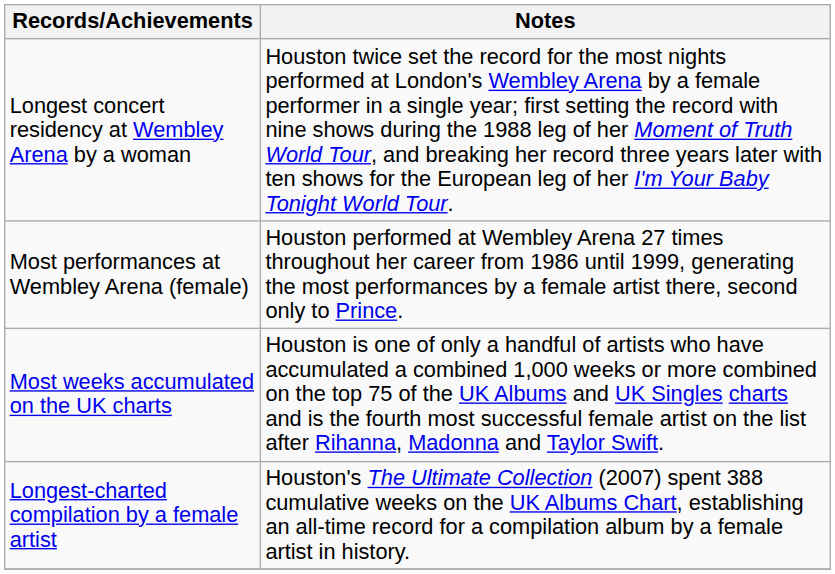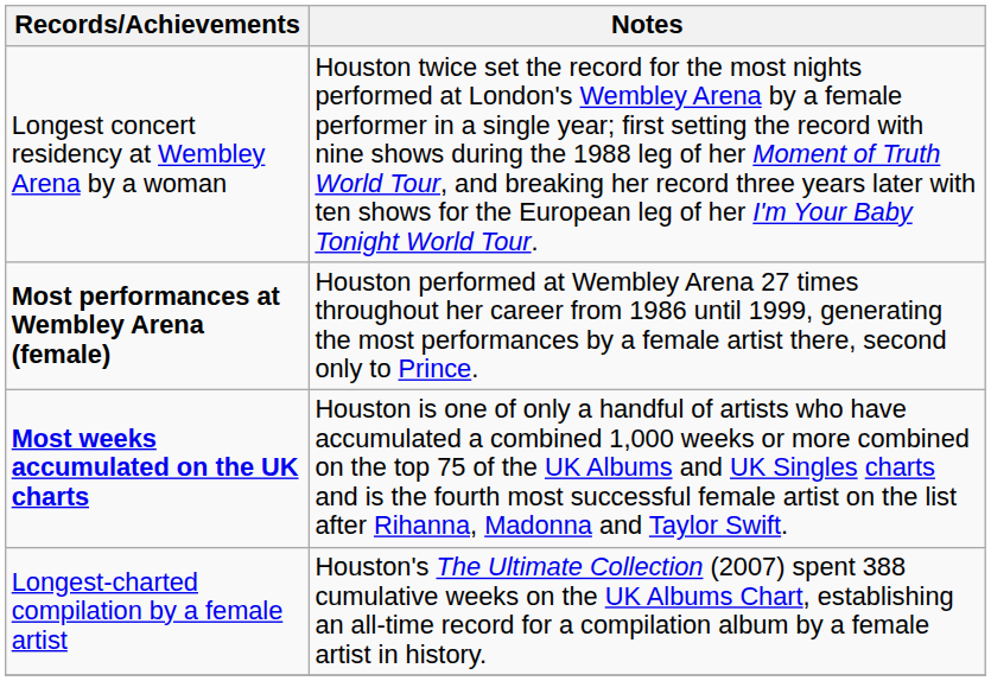 <table class="wikitable sortable plainrowheaders">
 <tr>
 <th scope="col" width=20%>Records/Achievements</th>
 <th scope="col" width=67%>Notes</th>
 </tr>
 <tr>
 <td>Longest concert residency at <a href='#'>Wembley Arena</a> by a woman</td>
 <td>Houston twice set the record for the most nights performed at London's <a href='#'>Wembley Arena</a> by a female performer in a single year; first setting the record with nine shows during the 1988 leg of her <em><a href='#'>Moment of Truth World Tour</a></em>, and breaking her record three years later with ten shows for the European leg of her <em><a href='#'>I'm Your Baby Tonight World Tour</a></em>.</td>
 </tr>
 <tr>
-<td>Most performances at Wembley Arena (female)</td>
+<td><strong>Most performances at Wembley Arena (female)</strong></td>
 <td>Houston performed at Wembley Arena 27 times throughout her career from 1986 until 1999, generating the most performances by a female artist there, second only to <a href='#'>Prince</a>.</td>
 </tr>
 <tr>
-<td><a href='#'>Most weeks accumulated on the UK charts</a></td>
+<td><strong><a href='#'>Most weeks accumulated on the UK charts</a></strong></td>
 <td>Houston is one of only a handful of artists who have accumulated a combined 1,000 weeks or more combined on the top 75 of the <a href='#'>UK Albums</a> and <a href='#'>UK Singles</a> <a href='#'>charts</a> and is the fourth most successful female artist on the list after <a href='#'>Rihanna</a>, <a href='#'>Madonna</a> and <a href='#'>Taylor Swift</a>.</td>
 </tr>
 <tr>
 <td><a href='#'>Longest-charted compilation by a female artist</a></td>
 <td>Houston's <em><a href='#'>The Ultimate Collection</a></em> (2007) spent 388 cumulative weeks on the <a href='#'>UK Albums Chart</a>, establishing an all-time record for a compilation album by a female artist in history.</td>
 </tr>
 <tr>
 </tr>
 </table>
